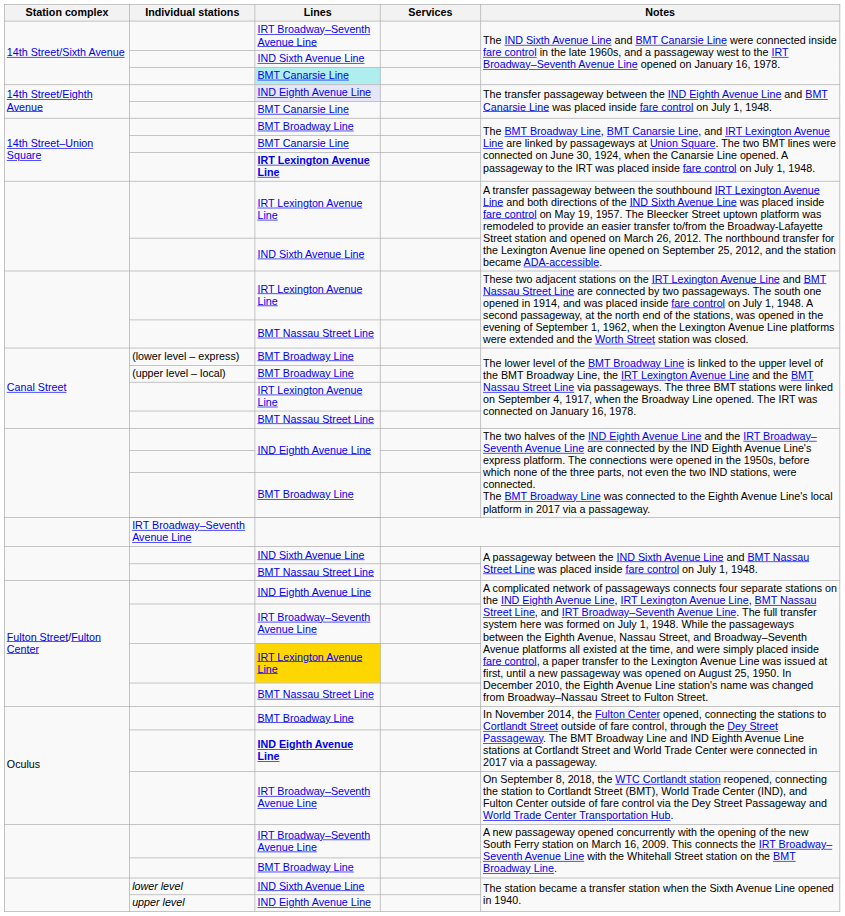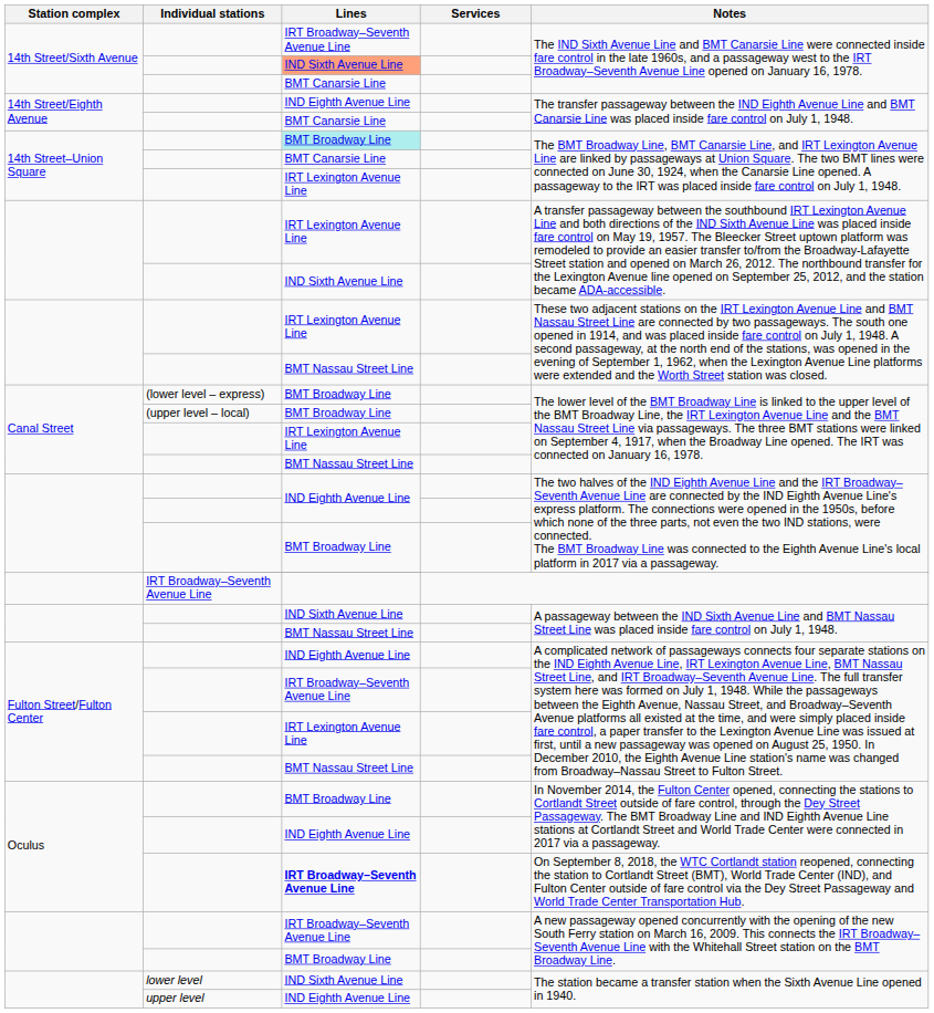 <table class="wikitable">
 <tr>
 <th width=15%>Station complex</th>
 <th width=15%>Individual stations</th>
 <th width=15%>Lines</th>
 <th width=12%>Services</th>
 <th width=43%>Notes</th>
 </tr>
 <tr>
 <td rowspan=3><a href='#'>14th Street/Sixth Avenue</a></td>
 <td></td>
 <td><a href='#'>IRT Broadway–Seventh Avenue Line</a></td>
 <td></td>
 <td rowspan=3>The <a href='#'>IND Sixth Avenue Line</a> and <a href='#'>BMT Canarsie Line</a> were connected inside <a href='#'>fare control</a> in the late 1960s, and a passageway west to the <a href='#'>IRT Broadway–Seventh Avenue Line</a> opened on January 16, 1978.</td>
 </tr>
 <tr>
 <td></td>
-<td><a href='#'>IND Sixth Avenue Line</a></td>
+<td style="background: lightsalmon;"><a href='#'>IND Sixth Avenue Line</a></td>
 <td></td>
 </tr>
 <tr>
 <td></td>
-<td style="background: paleturquoise;"><a href='#'>BMT Canarsie Line</a></td>
+<td><a href='#'>BMT Canarsie Line</a></td>
 <td></td>
 </tr>
 <tr>
 <td rowspan=2><a href='#'>14th Street/Eighth Avenue</a></td>
 <td></td>
-<td style="background: lavender;"><a href='#'>IND Eighth Avenue Line</a></td>
+<td><a href='#'>IND Eighth Avenue Line</a></td>
 <td></td>
 <td rowspan=2>The transfer passageway between the <a href='#'>IND Eighth Avenue Line</a> and <a href='#'>BMT Canarsie Line</a> was placed inside <a href='#'>fare control</a> on July 1, 1948.</td>
 </tr>
 <tr>
 <td></td>
 <td><a href='#'>BMT Canarsie Line</a></td>
 <td></td>
 </tr>
 <tr>
 <td rowspan=3><a href='#'>14th Street–Union Square</a></td>
 <td></td>
-<td><a href='#'>BMT Broadway Line</a></td>
+<td style="background: paleturquoise;"><a href='#'>BMT Broadway Line</a></td>
 <td></td>
 <td rowspan=3>The <a href='#'>BMT Broadway Line</a>, <a href='#'>BMT Canarsie Line</a>, and <a href='#'>IRT Lexington Avenue Line</a> are linked by passageways at <a href='#'>Union Square</a>. The two BMT lines were connected on June 30, 1924, when the Canarsie Line opened. A passageway to the IRT was placed inside <a href='#'>fare control</a> on July 1, 1948.</td>
 </tr>
 <tr>
 <td></td>
 <td><a href='#'>BMT Canarsie Line</a></td>
 <td></td>
 </tr>
 <tr>
 <td></td>
-<td><strong><a href='#'>IRT Lexington Avenue Line</a></strong></td>
+<td><a href='#'>IRT Lexington Avenue Line</a></td>
 <td></td>
 </tr>
 <tr>
 <td rowspan=2></td>
 <td></td>
 <td><a href='#'>IRT Lexington Avenue Line</a></td>
 <td></td>
 <td rowspan=2>A transfer passageway between the southbound <a href='#'>IRT Lexington Avenue Line</a> and both directions of the <a href='#'>IND Sixth Avenue Line</a> was placed inside <a href='#'>fare control</a> on May 19, 1957. The Bleecker Street uptown platform was remodeled to provide an easier transfer to/from the Broadway-Lafayette Street station and opened on March 26, 2012. The northbound transfer for the Lexington Avenue line opened on September 25, 2012, and the station became <a href='#'>ADA-accessible</a>.</td>
 </tr>
 <tr>
 <td></td>
 <td><a href='#'>IND Sixth Avenue Line</a></td>
 <td></td>
 </tr>
 <tr>
 <td rowspan=2></td>
 <td></td>
 <td><a href='#'>IRT Lexington Avenue Line</a></td>
 <td></td>
 <td rowspan=2>These two adjacent stations on the <a href='#'>IRT Lexington Avenue Line</a> and <a href='#'>BMT Nassau Street Line</a> are connected by two passageways. The south one opened in 1914, and was placed inside <a href='#'>fare control</a> on July 1, 1948. A second passageway, at the north end of the stations, was opened in the evening of September 1, 1962, when the Lexington Avenue Line platforms were extended and the <a href='#'>Worth Street</a> station was closed.</td>
 </tr>
 <tr>
 <td></td>
 <td><a href='#'>BMT Nassau Street Line</a></td>
 <td></td>
 </tr>
 <tr>
 <td rowspan=4><a href='#'>Canal Street</a></td>
 <td> (lower level – express)</td>
 <td><a href='#'>BMT Broadway Line</a></td>
 <td></td>
 <td rowspan=4>The lower level of the <a href='#'>BMT Broadway Line</a> is linked to the upper level of the BMT Broadway Line, the <a href='#'>IRT Lexington Avenue Line</a> and the <a href='#'>BMT Nassau Street Line</a> via passageways. The three BMT stations were linked on September 4, 1917, when the Broadway Line opened. The IRT was connected on January 16, 1978.</td>
 </tr>
 <tr>
 <td> (upper level – local)</td>
 <td><a href='#'>BMT Broadway Line</a></td>
 <td></td>
 </tr>
 <tr>
 <td></td>
 <td><a href='#'>IRT Lexington Avenue Line</a></td>
 <td></td>
 </tr>
 <tr>
 <td></td>
 <td><a href='#'>BMT Nassau Street Line</a></td>
 <td></td>
 </tr>
 <tr>
 <td rowspan=4></td>
 <td></td>
 <td rowspan=2><a href='#'>IND Eighth Avenue Line</a></td>
 <td></td>
 <td rowspan=4>The two halves of the <a href='#'>IND Eighth Avenue Line</a> and the <a href='#'>IRT Broadway–Seventh Avenue Line</a> are connected by the IND Eighth Avenue Line's express platform. The connections were opened in the 1950s, before which none of the three parts, not even the two IND stations, were connected.<br>The <a href='#'>BMT Broadway Line</a> was connected to the Eighth Avenue Line's local platform in 2017 via a passageway.</td>
 </tr>
 <tr>
 <td></td>
 <td></td>
 </tr>
 <tr>
 <td></td>
 <td><a href='#'>BMT Broadway Line</a></td>
 <td></td>
 </tr>
 <tr>
 </tr>
 <tr>
 <td></td>
 <td><a href='#'>IRT Broadway–Seventh Avenue Line</a></td>
 <td></td>
 </tr>
 <tr>
 <td rowspan=2></td>
 <td></td>
 <td><a href='#'>IND Sixth Avenue Line</a></td>
 <td></td>
 <td rowspan=2>A passageway between the <a href='#'>IND Sixth Avenue Line</a> and <a href='#'>BMT Nassau Street Line</a> was placed inside <a href='#'>fare control</a> on July 1, 1948.</td>
 </tr>
 <tr>
 <td></td>
 <td><a href='#'>BMT Nassau Street Line</a></td>
 <td></td>
 </tr>
 <tr>
 <td rowspan=4><a href='#'>Fulton Street</a>/<a href='#'>Fulton Center</a></td>
 <td></td>
 <td><a href='#'>IND Eighth Avenue Line</a></td>
 <td></td>
 <td rowspan="4">A complicated network of passageways connects four separate stations on the <a href='#'>IND Eighth Avenue Line</a>, <a href='#'>IRT Lexington Avenue Line</a>, <a href='#'>BMT Nassau Street Line</a>, and <a href='#'>IRT Broadway–Seventh Avenue Line</a>. The full transfer system here was formed on July 1, 1948. While the passageways between the Eighth Avenue, Nassau Street, and Broadway–Seventh Avenue platforms all existed at the time, and were simply placed inside <a href='#'>fare control</a>, a paper transfer to the Lexington Avenue Line was issued at first, until a new passageway was opened on August 25, 1950. In December 2010, the Eighth Avenue Line station's name was changed from Broadway–Nassau Street to Fulton Street.</td>
 </tr>
 <tr>
 <td></td>
 <td><a href='#'>IRT Broadway–Seventh Avenue Line</a></td>
 <td></td>
 </tr>
 <tr>
 <td></td>
-<td style="background: gold;"><a href='#'>IRT Lexington Avenue Line</a></td>
+<td><a href='#'>IRT Lexington Avenue Line</a></td>
 <td></td>
 </tr>
 <tr>
 <td></td>
 <td><a href='#'>BMT Nassau Street Line</a></td>
 <td></td>
 </tr>
 <tr>
 <td rowspan="3">Oculus</td>
 <td></td>
 <td><a href='#'>BMT Broadway Line</a></td>
 <td></td>
 <td rowspan="2">In November 2014, the <a href='#'>Fulton Center</a> opened, connecting the stations to <a href='#'>Cortlandt Street</a> outside of fare control, through the <a href='#'>Dey Street Passageway</a>. The BMT Broadway Line and IND Eighth Avenue Line stations at Cortlandt Street and World Trade Center were connected in 2017 via a passageway.</td>
 </tr>
 <tr>
 <td></td>
-<td><strong><a href='#'>IND Eighth Avenue Line</a></strong></td>
+<td><a href='#'>IND Eighth Avenue Line</a></td>
 <td></td>
 </tr>
 <tr>
 <td></td>
-<td><a href='#'>IRT Broadway–Seventh Avenue Line</a></td>
+<td><strong><a href='#'>IRT Broadway–Seventh Avenue Line</a></strong></td>
 <td></td>
 <td>On September 8, 2018, the <a href='#'>WTC Cortlandt station</a> reopened, connecting the station to Cortlandt Street (BMT), World Trade Center (IND), and Fulton Center outside of fare control via the Dey Street Passageway and <a href='#'>World Trade Center Transportation Hub</a>.</td>
 </tr>
 <tr>
 <td rowspan="2"></td>
 <td></td>
 <td><a href='#'>IRT Broadway–Seventh Avenue Line</a></td>
 <td></td>
 <td rowspan="2">A new passageway opened concurrently with the opening of the new South Ferry station on March 16, 2009. This connects the <a href='#'>IRT Broadway–Seventh Avenue Line</a> with the Whitehall Street station on the <a href='#'>BMT Broadway Line</a>.</td>
 </tr>
 <tr>
 <td></td>
 <td><a href='#'>BMT Broadway Line</a></td>
 <td></td>
 </tr>
 <tr>
 <td rowspan=2></td>
 <td><em>lower level</em></td>
 <td><a href='#'>IND Sixth Avenue Line</a></td>
 <td></td>
 <td rowspan=2>The station became a transfer station when the Sixth Avenue Line opened in 1940.</td>
 </tr>
 <tr>
 <td><em>upper level</em></td>
 <td><a href='#'>IND Eighth Avenue Line</a></td>
 <td></td>
 </tr>
 </table>
